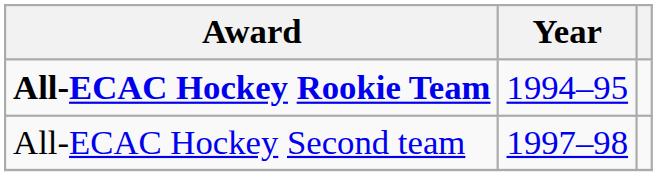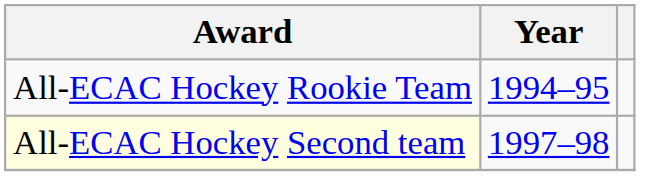 <table class="wikitable">
 <tr>
 <th>Award</th>
 <th>Year</th>
 <th></th>
 </tr>
 <tr>
-<td><strong>All-<a href='#'>ECAC Hockey</a> <a href='#'>Rookie Team</a></strong></td>
+<td>All-<a href='#'>ECAC Hockey</a> <a href='#'>Rookie Team</a></td>
 <td><a href='#'>1994–95</a></td>
 <td></td>
 </tr>
 <tr>
-<td>All-<a href='#'>ECAC Hockey</a> <a href='#'>Second team</a></td>
+<td style="background: lightyellow;">All-<a href='#'>ECAC Hockey</a> <a href='#'>Second team</a></td>
 <td><a href='#'>1997–98</a></td>
 <td></td>
 </tr>
 <tr>
 </tr>
 </table>
